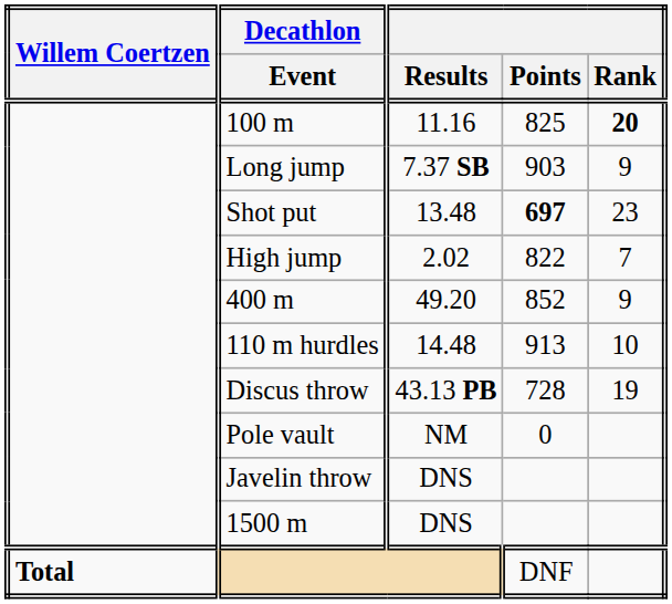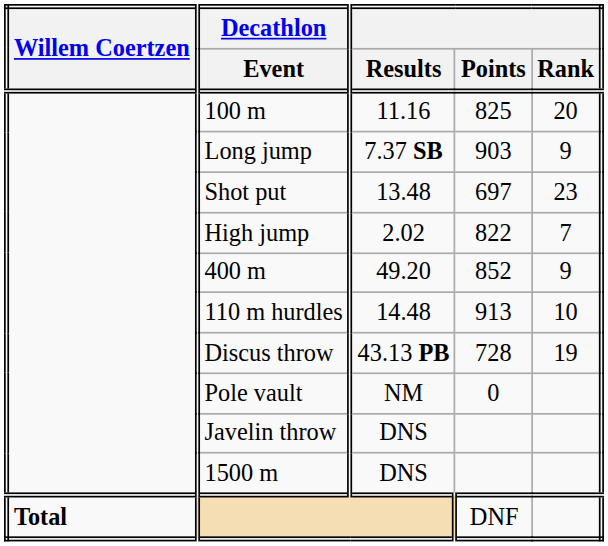 <table class=wikitable style="font-size:90%; border: double;">
 <tr>
 <th style="border-right:double" rowspan="2"><a href='#'>Willem Coertzen</a></th>
 <th style="border-right:double"><a href='#'>Decathlon</a></th>
 <th colspan="3"></th>
 </tr>
 <tr>
 <th style="border-right:double">Event</th>
 <th>Results</th>
 <th>Points</th>
 <th>Rank</th>
 </tr>
 <tr style="border-top: double;">
 <td style="border-right:double" rowspan="10"></td>
 <td style="border-right:double">100 m</td>
 <td align=center>11.16</td>
 <td align=center>825</td>
-<td align=center><strong>20</strong></td>
+<td align=center>20</td>
 </tr>
 <tr>
 <td style="border-right:double">Long jump</td>
 <td align=center>7.37 <strong>SB</strong></td>
 <td align=center>903</td>
 <td align=center>9</td>
 </tr>
 <tr>
 <td style="border-right:double">Shot put</td>
 <td align=center>13.48</td>
-<td align=center><strong>697</strong></td>
+<td align=center>697</td>
 <td align=center>23</td>
 </tr>
 <tr>
 <td style="border-right:double">High jump</td>
 <td align=center>2.02</td>
 <td align=center>822</td>
 <td align=center>7</td>
 </tr>
 <tr>
 <td style="border-right:double">400 m</td>
 <td align=center>49.20</td>
 <td align=center>852</td>
 <td align=center>9</td>
 </tr>
 <tr>
 <td style="border-right:double">110 m hurdles</td>
 <td align=center>14.48</td>
 <td align=center>913</td>
 <td align=center>10</td>
 </tr>
 <tr>
 <td style="border-right:double">Discus throw</td>
 <td align=center>43.13 <strong>PB</strong></td>
 <td align=center>728</td>
 <td align=center>19</td>
 </tr>
 <tr>
 <td style="border-right:double">Pole vault</td>
 <td align=center>NM</td>
 <td align=center>0</td>
 <td align=center></td>
 </tr>
 <tr>
 <td style="border-right:double">Javelin throw</td>
 <td align=center>DNS</td>
 <td align=center></td>
 <td align=center></td>
 </tr>
 <tr>
 <td style="border-right:double">1500 m</td>
 <td align=center>DNS</td>
 <td align=center></td>
 <td align=center></td>
 </tr>
 <tr style="border-top: double;">
 <td style="border-right:double"><strong>Total</strong></td>
 <td colspan="2" style="background:wheat; border-right:double;"></td>
 <td align=center>DNF</td>
 <td align=center></td>
 </tr>
 </table>
